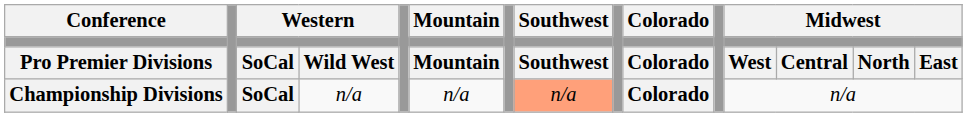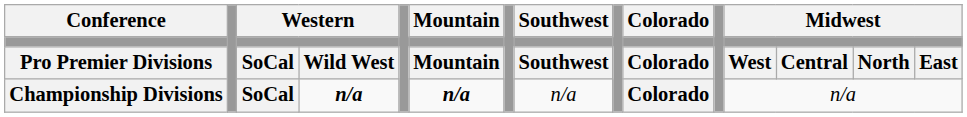 <table class="wikitable">
 <tr>
 <th>Conference</th>
 <th rowspan=4 style="background-color: #999"></th>
 <th colspan=2>Western</th>
 <th rowspan=4 style="background-color: #999"></th>
 <th>Mountain</th>
 <th rowspan=4 style="background-color: #999"></th>
 <th>Southwest</th>
 <th rowspan=4 style="background-color: #999"></th>
 <th>Colorado</th>
 <th rowspan=4 style="background-color: #999"></th>
 <th colspan=4>Midwest</th>
 </tr>
 <tr>
 <th colspan=15 style="background-color: #999"></th>
 </tr>
 <tr>
 <th>Pro Premier Divisions</th>
 <th>SoCal</th>
 <th>Wild West</th>
 <th>Mountain</th>
 <th>Southwest</th>
 <th>Colorado</th>
 <th>West</th>
 <th>Central</th>
 <th>North</th>
 <th>East</th>
 </tr>
 <tr>
 <th>Championship Divisions</th>
 <th>SoCal</th>
+<td style="text-align:center; font-style:italic"><strong>n/a</strong></td>
+<td style="text-align:center; font-style:italic"><strong>n/a</strong></td>
 <td style="text-align:center; font-style:italic">n/a</td>
-<td style="text-align:center; font-style:italic">n/a</td>
-<td style="background: lightsalmon; text-align:center; font-style:italic">n/a</td>
 <th>Colorado</th>
 <td colspan=4 style="text-align:center; font-style:italic">n/a</td>
 </tr>
 </table>
